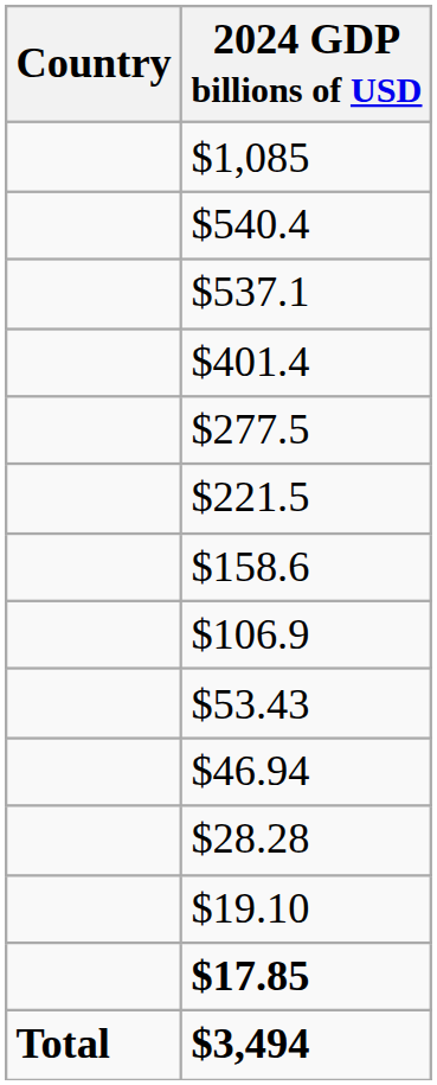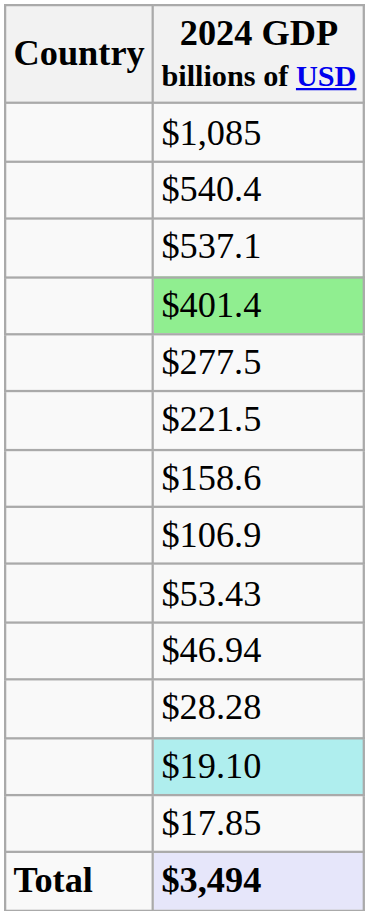 <table class="sortable wikitable sticky-header static-row-numbers col1left" >
 <tr>
 <th>Country</th>
 <th>2024 GDP<br><small>billions of <a href='#'>USD</a></small></th>
 </tr>
 <tr>
 <td></td>
 <td>$1,085</td>
 </tr>
 <tr>
 <td></td>
 <td>$540.4</td>
 </tr>
 <tr>
 <td></td>
 <td>$537.1</td>
 </tr>
 <tr>
 <td></td>
-<td>$401.4</td>
+<td style="background: lightgreen;">$401.4</td>
 </tr>
 <tr>
 <td></td>
 <td>$277.5</td>
 </tr>
 <tr>
 <td></td>
 <td>$221.5</td>
 </tr>
 <tr>
 <td></td>
 <td>$158.6</td>
 </tr>
 <tr>
 <td></td>
 <td>$106.9</td>
 </tr>
 <tr>
 <td></td>
 <td>$53.43</td>
 </tr>
 <tr>
 <td></td>
 <td>$46.94</td>
 </tr>
 <tr>
 <td></td>
 <td>$28.28</td>
 </tr>
 <tr>
 <td></td>
-<td>$19.10</td>
+<td style="background: paleturquoise;">$19.10</td>
 </tr>
 <tr>
 <td></td>
-<td><strong>$17.85</strong></td>
+<td>$17.85</td>
 </tr>
 <tr class="static-row-numbers-norank">
 <td><strong> Total </strong></td>
-<td><strong>$3,494</strong></td>
+<td style="background: lavender;"><strong>$3,494</strong></td>
 </tr>
 </table>
